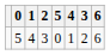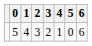 <table class="wikitable" style="text-align:center;">
 <tr>
 <th></th>
 <th>0</th>
 <th>1</th>
 <th>2</th>
+<th>3</th>
+<th>4</th>
 <th>5</th>
-<th>4</th>
-<th>3</th>
 <th>6</th>
 </tr>
 <tr>
 <td></td>
 <td>5</td>
 <td>4</td>
 <td>3</td>
+<td>2</td>
+<td>1</td>
 <td>0</td>
-<td>1</td>
-<td>2</td>
 <td>6</td>
 </tr>
 </table>
